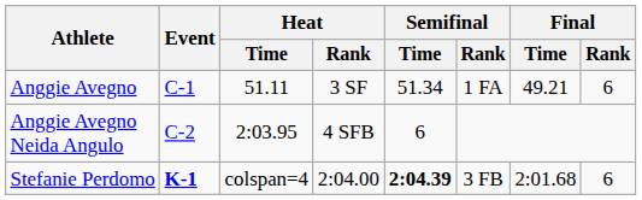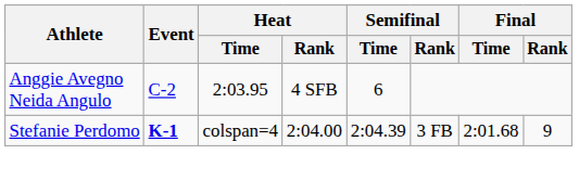 <table class=wikitable style=font-size:90%;text-align:center>
 <tr>
 <th rowspan=2>Athlete</th>
 <th rowspan=2>Event</th>
 <th colspan=2>Heat</th>
 <th colspan=2>Semifinal</th>
 <th colspan=2>Final</th>
 </tr>
 <tr style=font-size:95%>
 <th>Time</th>
 <th>Rank</th>
 <th>Time</th>
 <th>Rank</th>
 <th>Time</th>
 <th>Rank</th>
 </tr>
 <tr align=center>
-<td align=left><a href='#'>Anggie Avegno</a></td>
-<td align=left><a href='#'>C-1</a></td>
-<td>51.11</td>
-<td>3 SF</td>
-<td>51.34</td>
-<td>1 FA</td>
-<td>49.21</td>
-<td>6</td>
-</tr>
-<tr align=center>
 <td align=left><a href='#'>Anggie Avegno</a><br><a href='#'>Neida Angulo</a></td>
 <td align=left><a href='#'>C-2</a></td>
 <td>2:03.95</td>
 <td>4 SFB</td>
 <td>6</td>
 </tr>
 <tr align=center>
 <td align=left><a href='#'>Stefanie Perdomo</a></td>
 <td align=left><strong><a href='#'>K-1</a></strong></td>
 <td>colspan=4 </td>
 <td>2:04.00</td>
-<td><strong>2:04.39</strong></td>
+<td>2:04.39</td>
 <td>3 FB</td>
 <td>2:01.68</td>
-<td>6</td>
+<td>9</td>
 </tr>
 </table>
